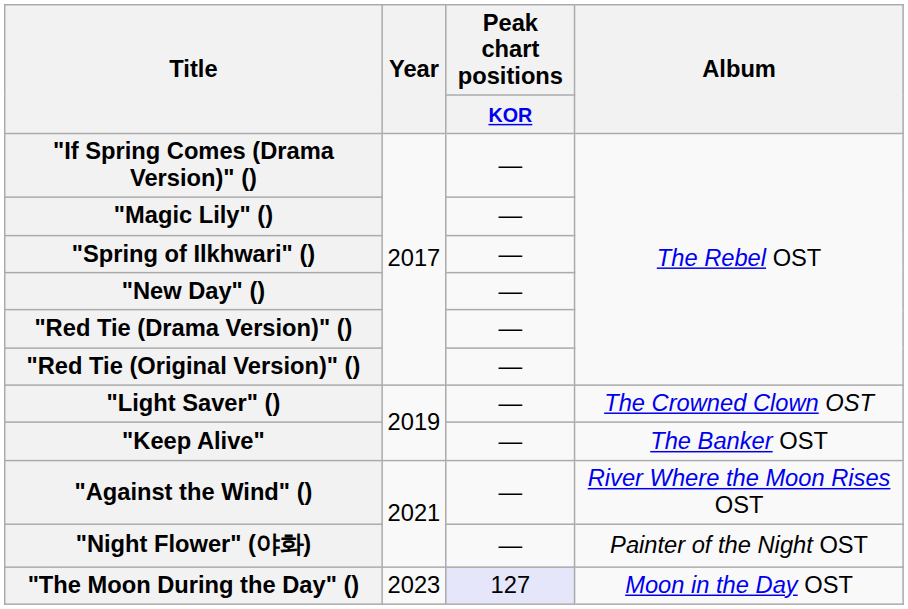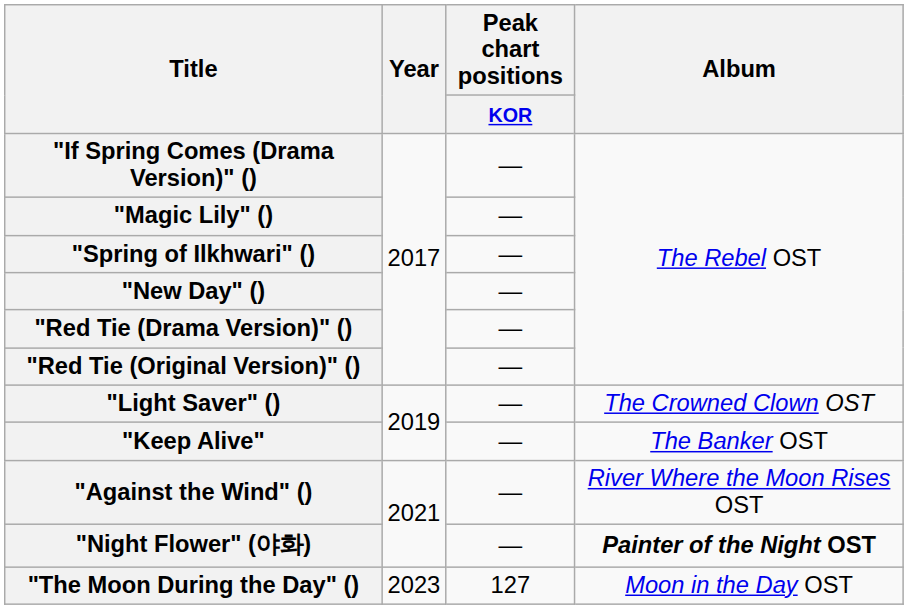 <table class="wikitable plainrowheaders" style="text-align:center;">
 <tr>
 <th scope="col" rowspan="2">Title</th>
 <th scope="col" rowspan="2">Year</th>
 <th scope="col" colspan="1" style="width:5em;">Peak chart positions</th>
 <th scope="col" rowspan="2">Album</th>
 </tr>
 <tr>
 <th><small><a href='#'>KOR</a></small><br></th>
 </tr>
 <tr>
 <th scope="row">"If Spring Comes (Drama Version)" ()</th>
 <td rowspan="6">2017</td>
 <td>—</td>
 <td rowspan="6"><em><a href='#'>The Rebel</a></em> OST</td>
 </tr>
 <tr>
 <th scope="row">"Magic Lily" ()</th>
 <td>—</td>
 </tr>
 <tr>
 <th scope="row">"Spring of Ilkhwari" ()</th>
 <td>—</td>
 </tr>
 <tr>
 <th scope="row">"New Day" ()</th>
 <td>—</td>
 </tr>
 <tr>
 <th scope="row">"Red Tie (Drama Version)" ()</th>
 <td>—</td>
 </tr>
 <tr>
 <th scope="row">"Red Tie (Original Version)" ()</th>
 <td>—</td>
 </tr>
 <tr>
 <th scope="row">"Light Saver" ()</th>
 <td rowspan="2">2019</td>
 <td>—</td>
 <td><em><a href='#'>The Crowned Clown</a> OST</em></td>
 </tr>
 <tr>
 <th scope="row">"Keep Alive"</th>
 <td>—</td>
 <td><em><a href='#'>The Banker</a></em> OST</td>
 </tr>
 <tr>
 <th scope="row">"Against the Wind" ()</th>
 <td rowspan="2">2021</td>
 <td>—</td>
 <td><em><a href='#'>River Where the Moon Rises</a></em> OST</td>
 </tr>
 <tr>
 <th scope="row">"Night Flower" (야화)</th>
 <td>—</td>
-<td><em>Painter of the Night</em> OST</td>
+<td><strong><em>Painter of the Night</em> OST</strong></td>
 </tr>
 <tr>
 <th scope="row">"The Moon During the Day" ()</th>
 <td>2023</td>
-<td style="background: lavender;">127</td>
+<td>127</td>
 <td><em><a href='#'>Moon in the Day</a></em> OST</td>
 </tr>
 </table>
